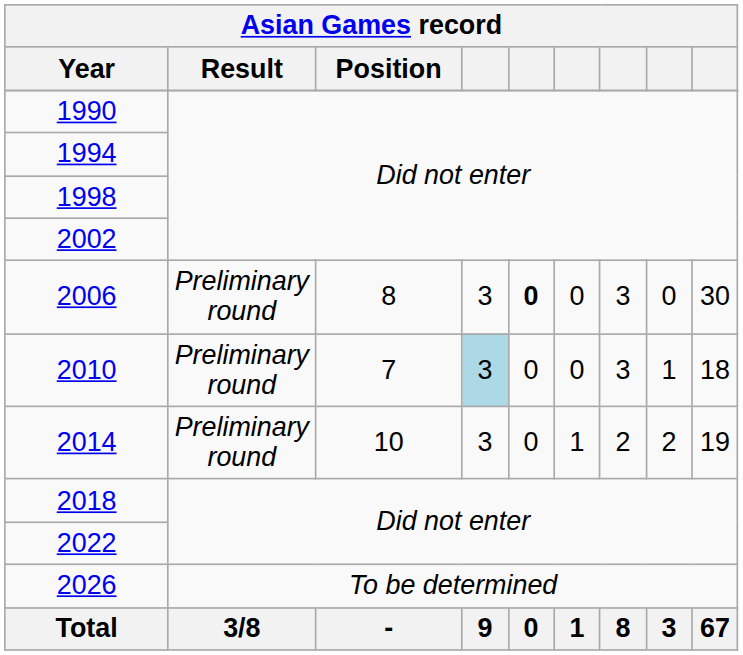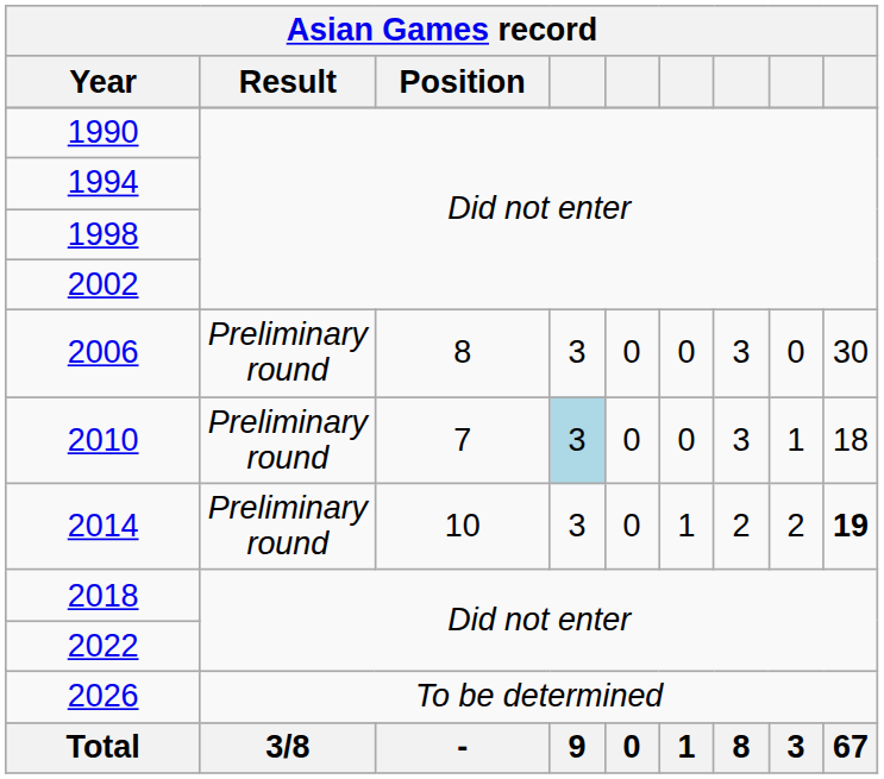 <table class="wikitable" style="text-align: center;">
 <tr>
 <th colspan=9><a href='#'>Asian Games</a> record</th>
 </tr>
 <tr>
 <th style="width:90px;">Year</th>
 <th style="width:80px;">Result</th>
 <th style="width:80px;">Position</th>
 <th style="width:20px;"></th>
 <th style="width:20px;"></th>
 <th style="width:20px;"></th>
 <th style="width:20px;"></th>
 <th style="width:20px;"></th>
 <th style="width:20px;"></th>
 </tr>
 <tr style="background:#cfaa88;">
 </tr>
 <tr>
 <td> <a href='#'>1990</a></td>
 <td colspan=8 rowspan=4><em>Did not enter</em></td>
 </tr>
 <tr>
 <td> <a href='#'>1994</a></td>
 </tr>
 <tr>
 <td> <a href='#'>1998</a></td>
 </tr>
 <tr>
 <td> <a href='#'>2002</a></td>
 </tr>
 <tr>
 <td> <a href='#'>2006</a></td>
 <td><em>Preliminary round</em></td>
 <td>8</td>
 <td>3</td>
-<td><strong>0</strong></td>
+<td>0</td>
 <td>0</td>
 <td>3</td>
 <td>0</td>
 <td>30</td>
 </tr>
 <tr>
 <td> <a href='#'>2010</a></td>
 <td><em>Preliminary round</em></td>
 <td>7</td>
 <td style="background: lightblue;">3</td>
 <td>0</td>
 <td>0</td>
 <td>3</td>
 <td>1</td>
 <td>18</td>
 </tr>
 <tr>
 <td> <a href='#'>2014</a></td>
 <td><em>Preliminary round</em></td>
 <td>10</td>
 <td>3</td>
 <td>0</td>
 <td>1</td>
 <td>2</td>
 <td>2</td>
-<td>19</td>
+<td><strong>19</strong></td>
 </tr>
 <tr>
 <td> <a href='#'>2018</a></td>
 <td colspan=8 rowspan=2><em>Did not enter</em></td>
 </tr>
 <tr>
 <td> <a href='#'>2022</a></td>
 </tr>
 <tr>
 <td> <a href='#'>2026</a></td>
 <td colspan="8"><em>To be determined</em></td>
 </tr>
 <tr>
 <th>Total</th>
 <th>3/8</th>
 <th>-</th>
 <th>9</th>
 <th>0</th>
 <th>1</th>
 <th>8</th>
 <th>3</th>
 <th>67</th>
 </tr>
 </table>
